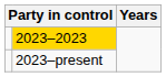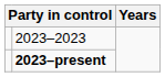 <table class="wikitable">
 <tr>
 <th colspan="2">Party in control</th>
 <th>Years</th>
 </tr>
 <tr>
 <td></td>
-<td style="background: gold;">2023–2023</td>
+<td>2023–2023</td>
 </tr>
 <tr>
 <td></td>
-<td>2023–present</td>
+<td><strong>2023–present</strong></td>
 </tr>
 </table>
